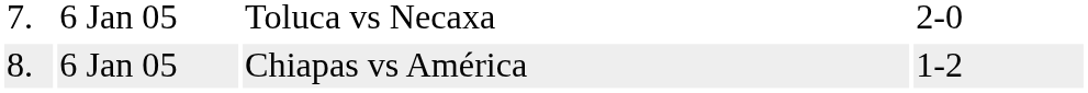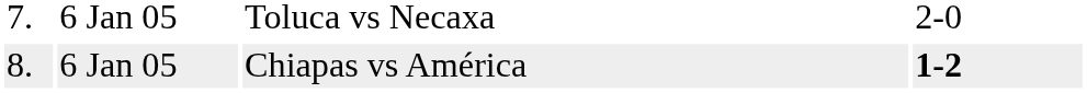 <table>
 <tr>
 <td width="20">7.</td>
 <td width="80">6 Jan 05</td>
 <td width="300">Toluca vs Necaxa</td>
 <td width="75">2-0</td>
 </tr>
 <tr bgcolor=#eeeeee>
 <td>8.</td>
 <td>6 Jan 05</td>
 <td>Chiapas vs América</td>
-<td>1-2</td>
+<td><strong>1-2</strong></td>
 </tr>
 </table>
